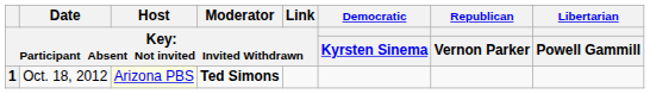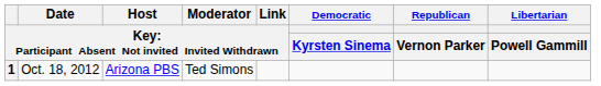 <table class="wikitable" style="text-align:center;">
 <tr>
 <th scope="col"></th>
 <th scope="col">Date</th>
 <th scope="col">Host</th>
 <th scope="col">Moderator</th>
 <th scope="col">Link</th>
 <th scope="col"><small><a href='#'>Democratic</a></small></th>
 <th scope="col"><small><a href='#'>Republican</a></small></th>
 <th scope="col"><small><a href='#'>Libertarian</a></small></th>
 </tr>
 <tr>
 <th colspan="5" rowspan="2">Key:<br> <small>Participant </small>  <small>Absent </small>  <small>Not invited </small>  <small>Invited  Withdrawn</small></th>
 <th scope="col" style="background:"></th>
 <th scope="col" style="background:"></th>
 <th scope="col" style="background:"></th>
 </tr>
 <tr>
 <th scope="col"><a href='#'>Kyrsten Sinema</a></th>
 <th scope="col">Vernon Parker</th>
 <th scope="col">Powell Gammill</th>
 </tr>
 <tr>
 <th>1</th>
 <td style="white-space:nowrap;">Oct. 18, 2012</td>
-<td style="background: lightyellow; white-space:nowrap;"><a href='#'>Arizona PBS</a></td>
-<td style="white-space:nowrap;"><strong>Ted Simons</strong></td>
+<td style="white-space:nowrap;"><a href='#'>Arizona PBS</a></td>
+<td style="white-space:nowrap;">Ted Simons</td>
 <td style="white-space:nowrap;"></td>
 <td></td>
 <td></td>
 </tr>
 </table>
